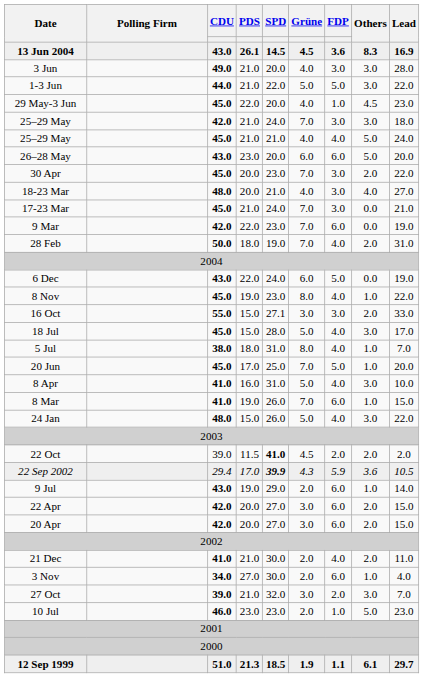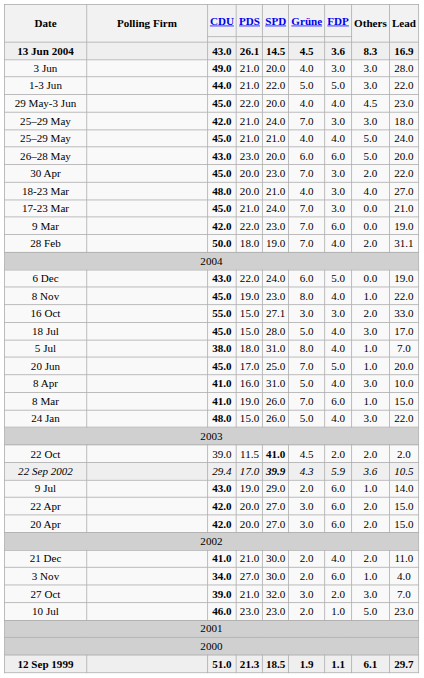 <table class="wikitable sortable" style="text-align:center; font-size:90%; line-height:16px;">
 <tr style="height:42px;">
 <th style="width:100px;" rowspan="2">Date</th>
 <th style="width:150px;" rowspan="2">Polling Firm</th>
 <th style="font-size:100%"><a href='#'>CDU</a></th>
 <th style="font-size:100%"><a href='#'>PDS</a></th>
 <th style="font-size:100%"><a href='#'>SPD</a></th>
 <th style="font-size:100%"><a href='#'>Grüne</a></th>
 <th style="font-size:100%"><a href='#'>FDP</a></th>
 <th style="width:40px;" rowspan="2">Others</th>
 <th style="width:30px;" rowspan="2">Lead</th>
 </tr>
 <tr>
 <th style="background:"></th>
 <th style="background:"></th>
 <th style="background:"></th>
 <th style="background:"></th>
 <th style="background:"></th>
 </tr>
 <tr style="background:#EFEFEF; font-weight:bold;">
 <td>13 Jun 2004</td>
 <td></td>
 <td>43.0</td>
 <td>26.1</td>
 <td>14.5</td>
 <td>4.5</td>
 <td>3.6</td>
 <td>8.3</td>
 <td style="background:">16.9</td>
 </tr>
 <tr>
 <td>3 Jun</td>
 <td></td>
 <td><strong>49.0</strong></td>
 <td>21.0</td>
 <td>20.0</td>
 <td>4.0</td>
 <td>3.0</td>
 <td>3.0</td>
 <td style="background:">28.0</td>
 </tr>
 <tr>
 <td>1-3 Jun</td>
 <td></td>
 <td><strong>44.0</strong></td>
 <td>21.0</td>
 <td>22.0</td>
 <td>5.0</td>
 <td>5.0</td>
 <td>3.0</td>
 <td style="background:">22.0</td>
 </tr>
 <tr>
 <td>29 May-3 Jun</td>
 <td></td>
 <td><strong>45.0</strong></td>
 <td>22.0</td>
 <td>20.0</td>
 <td>4.0</td>
-<td>1.0</td>
+<td>4.0</td>
 <td>4.5</td>
 <td style="background:">23.0</td>
 </tr>
 <tr>
 <td>25–29 May</td>
 <td></td>
 <td><strong>42.0</strong></td>
 <td>21.0</td>
 <td>24.0</td>
 <td>7.0</td>
 <td>3.0</td>
 <td>3.0</td>
 <td style="background:">18.0</td>
 </tr>
 <tr>
 <td>25–29 May</td>
 <td></td>
 <td><strong>45.0</strong></td>
 <td>21.0</td>
 <td>21.0</td>
 <td>4.0</td>
 <td>4.0</td>
 <td>5.0</td>
 <td style="background:">24.0</td>
 </tr>
 <tr>
 <td>26–28 May</td>
 <td></td>
 <td><strong>43.0</strong></td>
 <td>23.0</td>
 <td>20.0</td>
 <td>6.0</td>
 <td>6.0</td>
 <td>5.0</td>
 <td style="background:">20.0</td>
 </tr>
 <tr>
 <td>30 Apr</td>
 <td></td>
 <td><strong>45.0</strong></td>
 <td>20.0</td>
 <td>23.0</td>
 <td>7.0</td>
 <td>3.0</td>
 <td>2.0</td>
 <td style="background:">22.0</td>
 </tr>
 <tr>
 <td>18-23 Mar</td>
 <td></td>
 <td><strong>48.0</strong></td>
 <td>20.0</td>
 <td>21.0</td>
 <td>4.0</td>
 <td>3.0</td>
 <td>4.0</td>
 <td style="background:">27.0</td>
 </tr>
 <tr>
 <td>17-23 Mar</td>
 <td></td>
 <td><strong>45.0</strong></td>
 <td>21.0</td>
 <td>24.0</td>
 <td>7.0</td>
 <td>3.0</td>
 <td>0.0</td>
 <td style="background:">21.0</td>
 </tr>
 <tr>
 <td>9 Mar</td>
 <td></td>
 <td><strong>42.0</strong></td>
 <td>22.0</td>
 <td>23.0</td>
 <td>7.0</td>
 <td>6.0</td>
 <td>0.0</td>
 <td style="background:">19.0</td>
 </tr>
 <tr>
 <td>28 Feb</td>
 <td></td>
 <td><strong>50.0</strong></td>
 <td>18.0</td>
 <td>19.0</td>
 <td>7.0</td>
 <td>4.0</td>
 <td>2.0</td>
-<td style="background:">31.0</td>
+<td style="background:">31.1</td>
 </tr>
 <tr>
 <td colspan="10" style="background:#D0D0D0; color:black">2004</td>
 </tr>
 <tr>
 <td>6 Dec</td>
 <td></td>
 <td><strong>43.0</strong></td>
 <td>22.0</td>
 <td>24.0</td>
 <td>6.0</td>
 <td>5.0</td>
 <td>0.0</td>
 <td style="background:">19.0</td>
 </tr>
 <tr>
 <td>8 Nov</td>
 <td></td>
 <td><strong>45.0</strong></td>
 <td>19.0</td>
 <td>23.0</td>
 <td>8.0</td>
 <td>4.0</td>
 <td>1.0</td>
 <td style="background:">22.0</td>
 </tr>
 <tr>
 <td>16 Oct</td>
 <td></td>
 <td><strong>55.0</strong></td>
 <td>15.0</td>
 <td>27.1</td>
 <td>3.0</td>
 <td>3.0</td>
 <td>2.0</td>
 <td style="background:">33.0</td>
 </tr>
 <tr>
 <td>18 Jul</td>
 <td></td>
 <td><strong>45.0</strong></td>
 <td>15.0</td>
 <td>28.0</td>
 <td>5.0</td>
 <td>4.0</td>
 <td>3.0</td>
 <td style="background:">17.0</td>
 </tr>
 <tr>
 <td>5 Jul</td>
 <td></td>
 <td><strong>38.0</strong></td>
 <td>18.0</td>
 <td>31.0</td>
 <td>8.0</td>
 <td>4.0</td>
 <td>1.0</td>
 <td style="background:">7.0</td>
 </tr>
 <tr>
 <td>20 Jun</td>
 <td></td>
 <td><strong>45.0</strong></td>
 <td>17.0</td>
 <td>25.0</td>
 <td>7.0</td>
 <td>5.0</td>
 <td>1.0</td>
 <td style="background:">20.0</td>
 </tr>
 <tr>
 <td>8 Apr</td>
 <td></td>
 <td><strong>41.0</strong></td>
 <td>16.0</td>
 <td>31.0</td>
 <td>5.0</td>
 <td>4.0</td>
 <td>3.0</td>
 <td style="background:">10.0</td>
 </tr>
 <tr>
 <td>8 Mar</td>
 <td></td>
 <td><strong>41.0</strong></td>
 <td>19.0</td>
 <td>26.0</td>
 <td>7.0</td>
 <td>6.0</td>
 <td>1.0</td>
 <td style="background:">15.0</td>
 </tr>
 <tr>
 <td>24 Jan</td>
 <td></td>
 <td><strong>48.0</strong></td>
 <td>15.0</td>
 <td>26.0</td>
 <td>5.0</td>
 <td>4.0</td>
 <td>3.0</td>
 <td style="background:">22.0</td>
 </tr>
 <tr>
 <td colspan="10" style="background:#D0D0D0; color:black">2003</td>
 </tr>
 <tr>
 <td>22 Oct</td>
 <td></td>
 <td>39.0</td>
 <td>11.5</td>
 <td><strong>41.0</strong></td>
 <td>4.5</td>
 <td>2.0</td>
 <td>2.0</td>
 <td style="background:">2.0</td>
 </tr>
 <tr style="background:#EFEFEF; font-style:italic;">
 <td>22 Sep 2002</td>
 <td></td>
 <td>29.4</td>
 <td>17.0</td>
 <td><strong>39.9</strong></td>
 <td>4.3</td>
 <td>5.9</td>
 <td>3.6</td>
 <td style="background:">10.5</td>
 </tr>
 <tr>
 <td>9 Jul</td>
 <td></td>
 <td><strong>43.0</strong></td>
 <td>19.0</td>
 <td>29.0</td>
 <td>2.0</td>
 <td>6.0</td>
 <td>1.0</td>
 <td style="background:">14.0</td>
 </tr>
 <tr>
 <td>22 Apr</td>
 <td></td>
 <td><strong>42.0</strong></td>
 <td>20.0</td>
 <td>27.0</td>
 <td>3.0</td>
 <td>6.0</td>
 <td>2.0</td>
 <td style="background:">15.0</td>
 </tr>
 <tr>
 <td>20 Apr</td>
 <td></td>
 <td><strong>42.0</strong></td>
 <td>20.0</td>
 <td>27.0</td>
 <td>3.0</td>
 <td>6.0</td>
 <td>2.0</td>
 <td style="background:">15.0</td>
 </tr>
 <tr>
 <td colspan="10" style="background:#D0D0D0; color:black">2002</td>
 </tr>
 <tr>
 <td>21 Dec</td>
 <td></td>
 <td><strong>41.0</strong></td>
 <td>21.0</td>
 <td>30.0</td>
 <td>2.0</td>
 <td>4.0</td>
 <td>2.0</td>
 <td style="background:">11.0</td>
 </tr>
 <tr>
 <td>3 Nov</td>
 <td></td>
 <td><strong>34.0</strong></td>
 <td>27.0</td>
 <td>30.0</td>
 <td>2.0</td>
 <td>6.0</td>
 <td>1.0</td>
 <td style="background:">4.0</td>
 </tr>
 <tr>
 <td>27 Oct</td>
 <td></td>
 <td><strong>39.0</strong></td>
 <td>21.0</td>
 <td>32.0</td>
 <td>3.0</td>
 <td>2.0</td>
 <td>3.0</td>
 <td style="background:">7.0</td>
 </tr>
 <tr>
 <td>10 Jul</td>
 <td></td>
 <td><strong>46.0</strong></td>
 <td>23.0</td>
 <td>23.0</td>
 <td>2.0</td>
 <td>1.0</td>
 <td>5.0</td>
 <td style="background:">23.0</td>
 </tr>
 <tr>
 <td colspan="10" style="background:#D0D0D0; color:black">2001</td>
 </tr>
 <tr>
 <td colspan="10" style="background:#D0D0D0; color:black">2000</td>
 </tr>
 <tr style="background:#EFEFEF; font-weight:bold;">
 <td>12 Sep 1999</td>
 <td></td>
 <td>51.0</td>
 <td>21.3</td>
 <td>18.5</td>
 <td>1.9</td>
 <td>1.1</td>
 <td>6.1</td>
 <td style="background:">29.7</td>
 </tr>
 </table>
